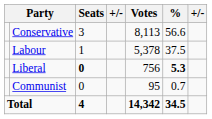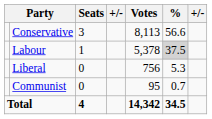 <table class="wikitable sortable">
 <tr>
 <th colspan="2">Party</th>
 <th>Seats</th>
 <th>+/-</th>
 <th>Votes</th>
 <th>%</th>
 <th>+/-</th>
 </tr>
 <tr>
 <td style="background-color: "></td>
 <td><a href='#'>Conservative</a></td>
 <td>3</td>
 <td></td>
 <td style="text-align:right;">8,113</td>
 <td style="text-align:right;">56.6</td>
 <td style="text-align:right;"></td>
 </tr>
 <tr>
 <td style="background-color: "></td>
 <td><a href='#'>Labour</a></td>
 <td>1</td>
 <td></td>
 <td style="text-align:right;">5,378</td>
-<td style="text-align:right;">37.5</td>
+<td style="background: lightgrey; text-align:right;">37.5</td>
 <td style="text-align:right;"></td>
 </tr>
 <tr>
 <td style="background-color: "></td>
 <td><a href='#'>Liberal</a></td>
-<td><strong>0</strong></td>
+<td>0</td>
 <td></td>
 <td style="text-align:right;">756</td>
-<td style="text-align:right;"><strong>5.3</strong></td>
+<td style="text-align:right;">5.3</td>
 <td style="text-align:right;"></td>
 </tr>
 <tr>
 <td style="background-color: "></td>
 <td><a href='#'>Communist</a></td>
 <td>0</td>
 <td></td>
 <td style="text-align:right;">95</td>
 <td style="text-align:right;">0.7</td>
 <td style="text-align:right;"></td>
 </tr>
 <tr>
 <td colspan="2"><strong>Total</strong></td>
 <td><strong>4</strong></td>
 <td></td>
 <td style="text-align:right;"><strong>14,342</strong></td>
 <td style="text-align:right;"><strong>34.5</strong></td>
 <td></td>
 </tr>
 </table>
